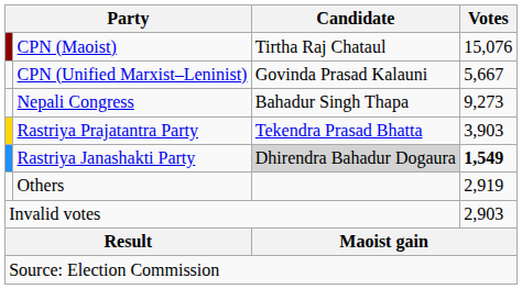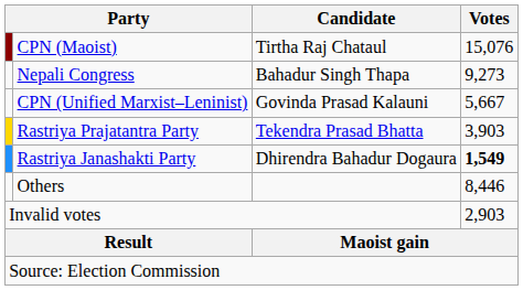 <table class="wikitable">
 <tr>
 <th colspan="2">Party</th>
 <th>Candidate</th>
 <th>Votes</th>
 </tr>
 <tr>
 <td style="background-color:darkred"></td>
 <td><a href='#'>CPN (Maoist)</a></td>
 <td>Tirtha Raj Chataul</td>
 <td>15,076</td>
 </tr>
 <tr>
 <td style="background-color:"></td>
+<td><a href='#'>Nepali Congress</a></td>
+<td>Bahadur Singh Thapa</td>
+<td>9,273</td>
+</tr>
+<tr>
+<td style="background-color:"></td>
 <td><a href='#'>CPN (Unified Marxist–Leninist)</a></td>
 <td>Govinda Prasad Kalauni</td>
 <td>5,667</td>
-</tr>
-<tr>
-<td style="background-color:"></td>
-<td><a href='#'>Nepali Congress</a></td>
-<td>Bahadur Singh Thapa</td>
-<td>9,273</td>
 </tr>
 <tr>
 <td style="background-color:gold"></td>
 <td><a href='#'>Rastriya Prajatantra Party</a></td>
 <td><a href='#'>Tekendra Prasad Bhatta</a></td>
 <td>3,903</td>
 </tr>
 <tr>
 <td style="background-color:dodgerblue"></td>
 <td><a href='#'>Rastriya Janashakti Party</a></td>
-<td style="background: lightgrey;">Dhirendra Bahadur Dogaura</td>
+<td>Dhirendra Bahadur Dogaura</td>
 <td><strong>1,549</strong></td>
 </tr>
 <tr>
 <td></td>
 <td>Others</td>
 <td></td>
-<td>2,919</td>
+<td>8,446</td>
 </tr>
 <tr>
 <td colspan="3">Invalid votes</td>
 <td>2,903</td>
 </tr>
 <tr>
 <th colspan="2">Result</th>
 <th colspan="2">Maoist gain</th>
 </tr>
 <tr>
 <td colspan="4">Source: Election Commission</td>
 </tr>
 </table>
